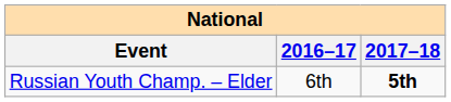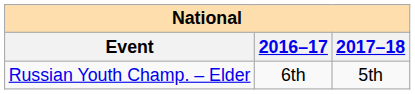 <table class="wikitable" style="text-align:center">
 <tr>
 <th style="background-color: #ffdead; " colspan=3 align=center>National</th>
 </tr>
 <tr>
 <th>Event</th>
 <th><a href='#'>2016–17</a></th>
 <th><a href='#'>2017–18</a></th>
 </tr>
 <tr>
 <td align=left><a href='#'>Russian Youth Champ. – Elder</a></td>
 <td>6th</td>
-<td><strong>5th</strong></td>
+<td>5th</td>
 </tr>
 </table>
